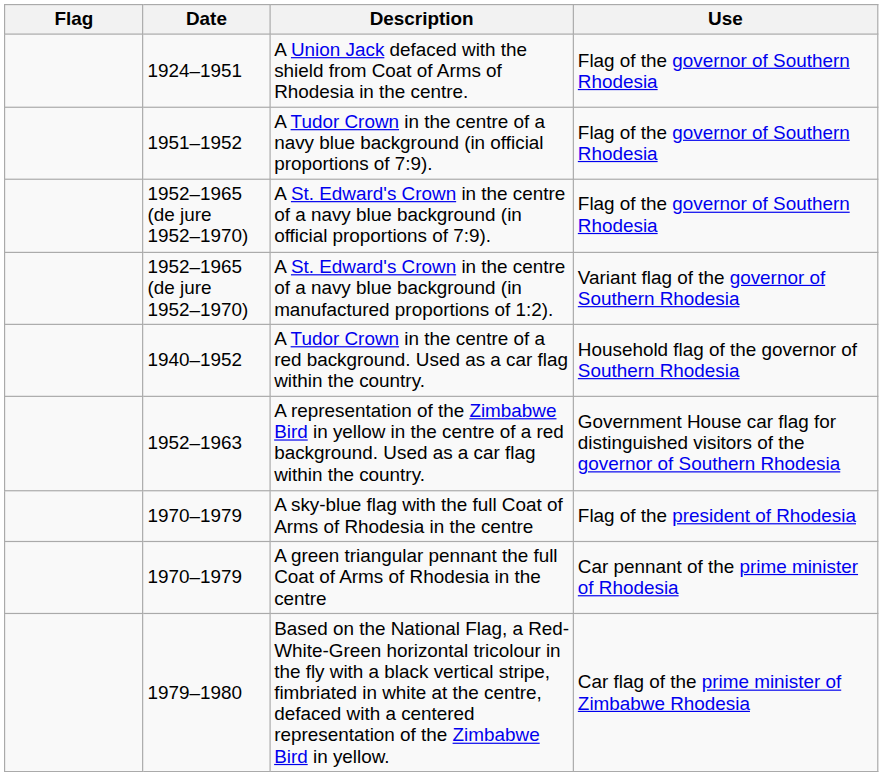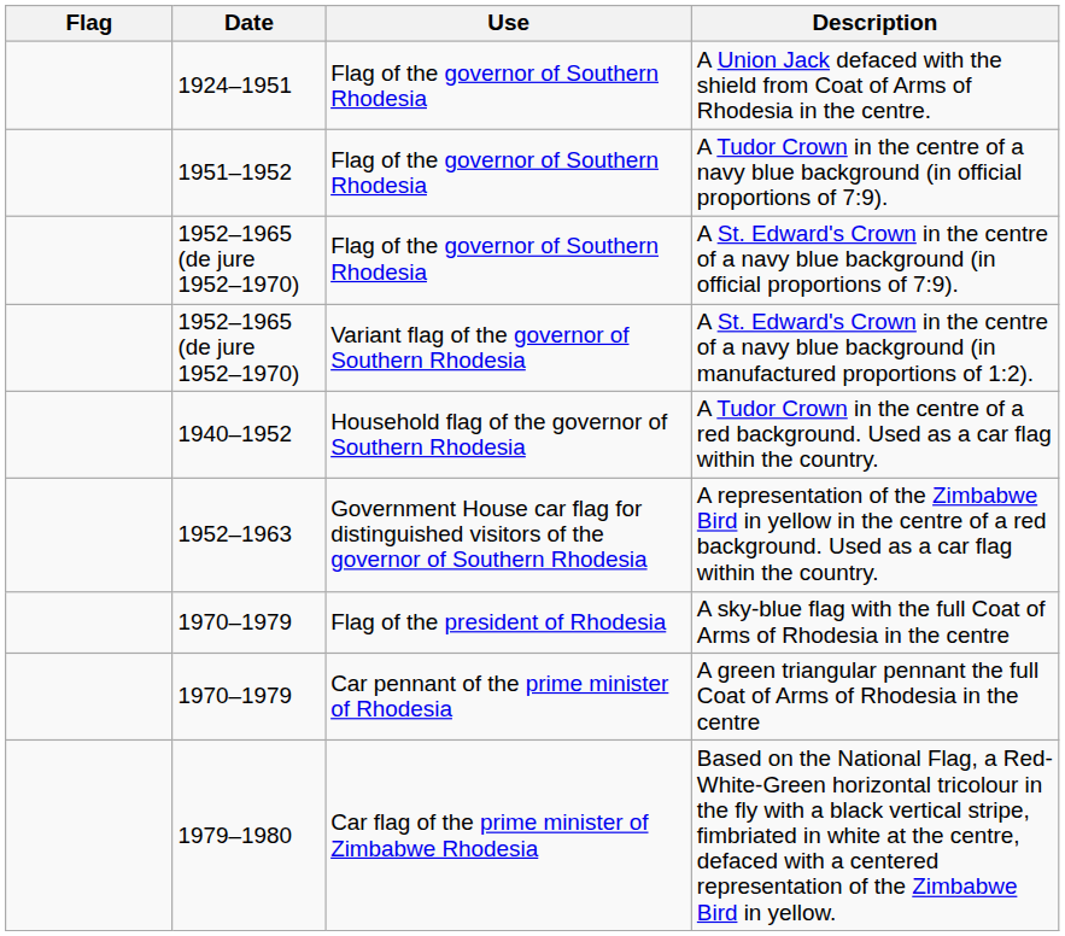 <table class="wikitable">
 <tr>
 <th width="110">Flag</th>
 <th width="100">Date</th>
+<th width="250">Use</th>
 <th width="250">Description</th>
-<th width="250">Use</th>
 </tr>
 <tr>
 <td></td>
 <td>1924–1951</td>
+<td>Flag of the <a href='#'>governor of Southern Rhodesia</a></td>
 <td>A <a href='#'>Union Jack</a> defaced with the shield from Coat of Arms of Rhodesia in the centre.</td>
-<td>Flag of the <a href='#'>governor of Southern Rhodesia</a></td>
 </tr>
 <tr>
 <td></td>
 <td>1951–1952</td>
+<td>Flag of the <a href='#'>governor of Southern Rhodesia</a></td>
 <td>A <a href='#'>Tudor Crown</a> in the centre of a navy blue background (in official proportions of 7:9).</td>
-<td>Flag of the <a href='#'>governor of Southern Rhodesia</a></td>
 </tr>
 <tr>
 <td></td>
 <td>1952–1965<br> (de jure 1952–1970)</td>
+<td>Flag of the <a href='#'>governor of Southern Rhodesia</a></td>
 <td>A <a href='#'>St. Edward's Crown</a> in the centre of a navy blue background (in official proportions of 7:9).</td>
-<td>Flag of the <a href='#'>governor of Southern Rhodesia</a></td>
 </tr>
 <tr>
 <td></td>
 <td>1952–1965<br> (de jure 1952–1970)</td>
+<td>Variant flag of the <a href='#'>governor of Southern Rhodesia</a></td>
 <td>A <a href='#'>St. Edward's Crown</a> in the centre of a navy blue background (in manufactured proportions of 1:2).</td>
-<td>Variant flag of the <a href='#'>governor of Southern Rhodesia</a></td>
 </tr>
 <tr>
 <td></td>
 <td>1940–1952</td>
+<td>Household flag of the governor of <a href='#'>Southern Rhodesia</a></td>
 <td>A <a href='#'>Tudor Crown</a> in the centre of a red background.  Used as a car flag within the country.</td>
-<td>Household flag of the governor of <a href='#'>Southern Rhodesia</a></td>
 </tr>
 <tr>
 <td></td>
 <td>1952–1963</td>
+<td>Government House car flag for distinguished visitors of the <a href='#'>governor of Southern Rhodesia</a></td>
 <td>A representation of the <a href='#'>Zimbabwe Bird</a> in yellow in the centre of a red background.  Used as a car flag within the country.</td>
-<td>Government House car flag for distinguished visitors of the <a href='#'>governor of Southern Rhodesia</a></td>
 </tr>
 <tr>
 <td></td>
 <td>1970–1979</td>
+<td>Flag of the <a href='#'>president of Rhodesia</a></td>
 <td>A sky-blue flag with the full Coat of Arms of Rhodesia in the centre</td>
-<td>Flag of the <a href='#'>president of Rhodesia</a></td>
 </tr>
 <tr>
 <td></td>
 <td>1970–1979</td>
+<td>Car pennant of the <a href='#'>prime minister of Rhodesia</a></td>
 <td>A green triangular pennant the full Coat of Arms of Rhodesia in the centre</td>
-<td>Car pennant of the <a href='#'>prime minister of Rhodesia</a></td>
 </tr>
 <tr>
 <td></td>
 <td>1979–1980</td>
+<td>Car flag of the <a href='#'>prime minister of Zimbabwe Rhodesia</a></td>
 <td>Based on the National Flag, a Red-White-Green horizontal tricolour in the fly with a black vertical stripe, fimbriated in white at the centre, defaced with a centered representation of the <a href='#'>Zimbabwe Bird</a> in yellow.</td>
-<td>Car flag of the <a href='#'>prime minister of Zimbabwe Rhodesia</a></td>
 </tr>
 </table>
